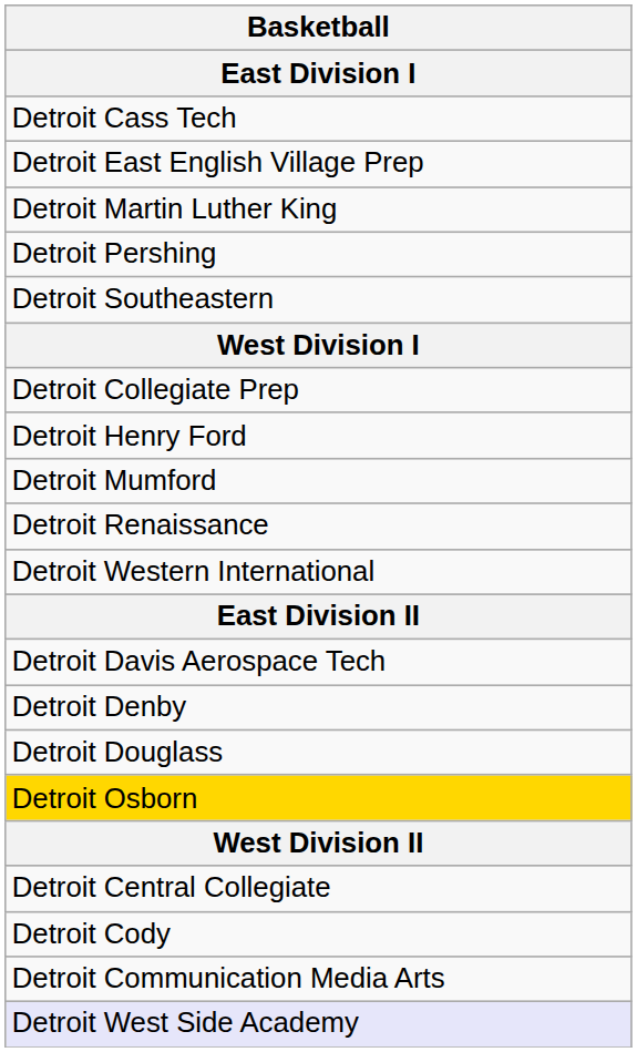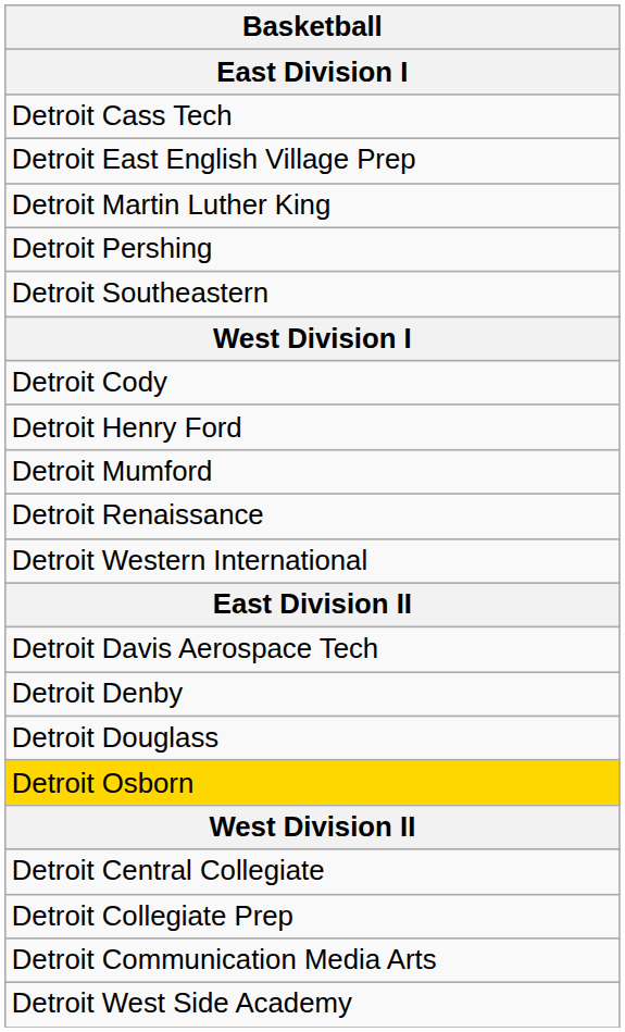 <table class="wikitable collapsible collapsed" style="width:22em">
 <tr>
 <th align=center>Basketball</th>
 </tr>
 <tr>
 <th>East Division I</th>
 </tr>
 <tr>
 <td>Detroit Cass Tech</td>
 </tr>
 <tr>
 <td>Detroit East English Village Prep</td>
 </tr>
 <tr>
 <td>Detroit Martin Luther King</td>
 </tr>
 <tr>
 <td>Detroit Pershing</td>
 </tr>
 <tr>
 <td>Detroit Southeastern</td>
 </tr>
 <tr>
 <th>West Division I</th>
 </tr>
 <tr>
-<td>Detroit Collegiate Prep</td>
+<td>Detroit Cody</td>
 </tr>
 <tr>
 <td>Detroit Henry Ford</td>
 </tr>
 <tr>
 <td>Detroit Mumford</td>
 </tr>
 <tr>
 <td>Detroit Renaissance</td>
 </tr>
 <tr>
 <td>Detroit Western International</td>
 </tr>
 <tr>
 <th>East Division II</th>
 </tr>
 <tr>
 <td>Detroit Davis Aerospace Tech</td>
 </tr>
 <tr>
 <td>Detroit Denby</td>
 </tr>
 <tr>
 <td>Detroit Douglass</td>
 </tr>
 <tr>
 <td style="background: gold;">Detroit Osborn</td>
 </tr>
 <tr>
 <th>West Division II</th>
 </tr>
 <tr>
 <td>Detroit Central Collegiate</td>
 </tr>
 <tr>
-<td>Detroit Cody</td>
+<td>Detroit Collegiate Prep</td>
 </tr>
 <tr>
 <td>Detroit Communication Media Arts</td>
 </tr>
 <tr>
-<td style="background: lavender;">Detroit West Side Academy</td>
+<td>Detroit West Side Academy</td>
 </tr>
 </table>
